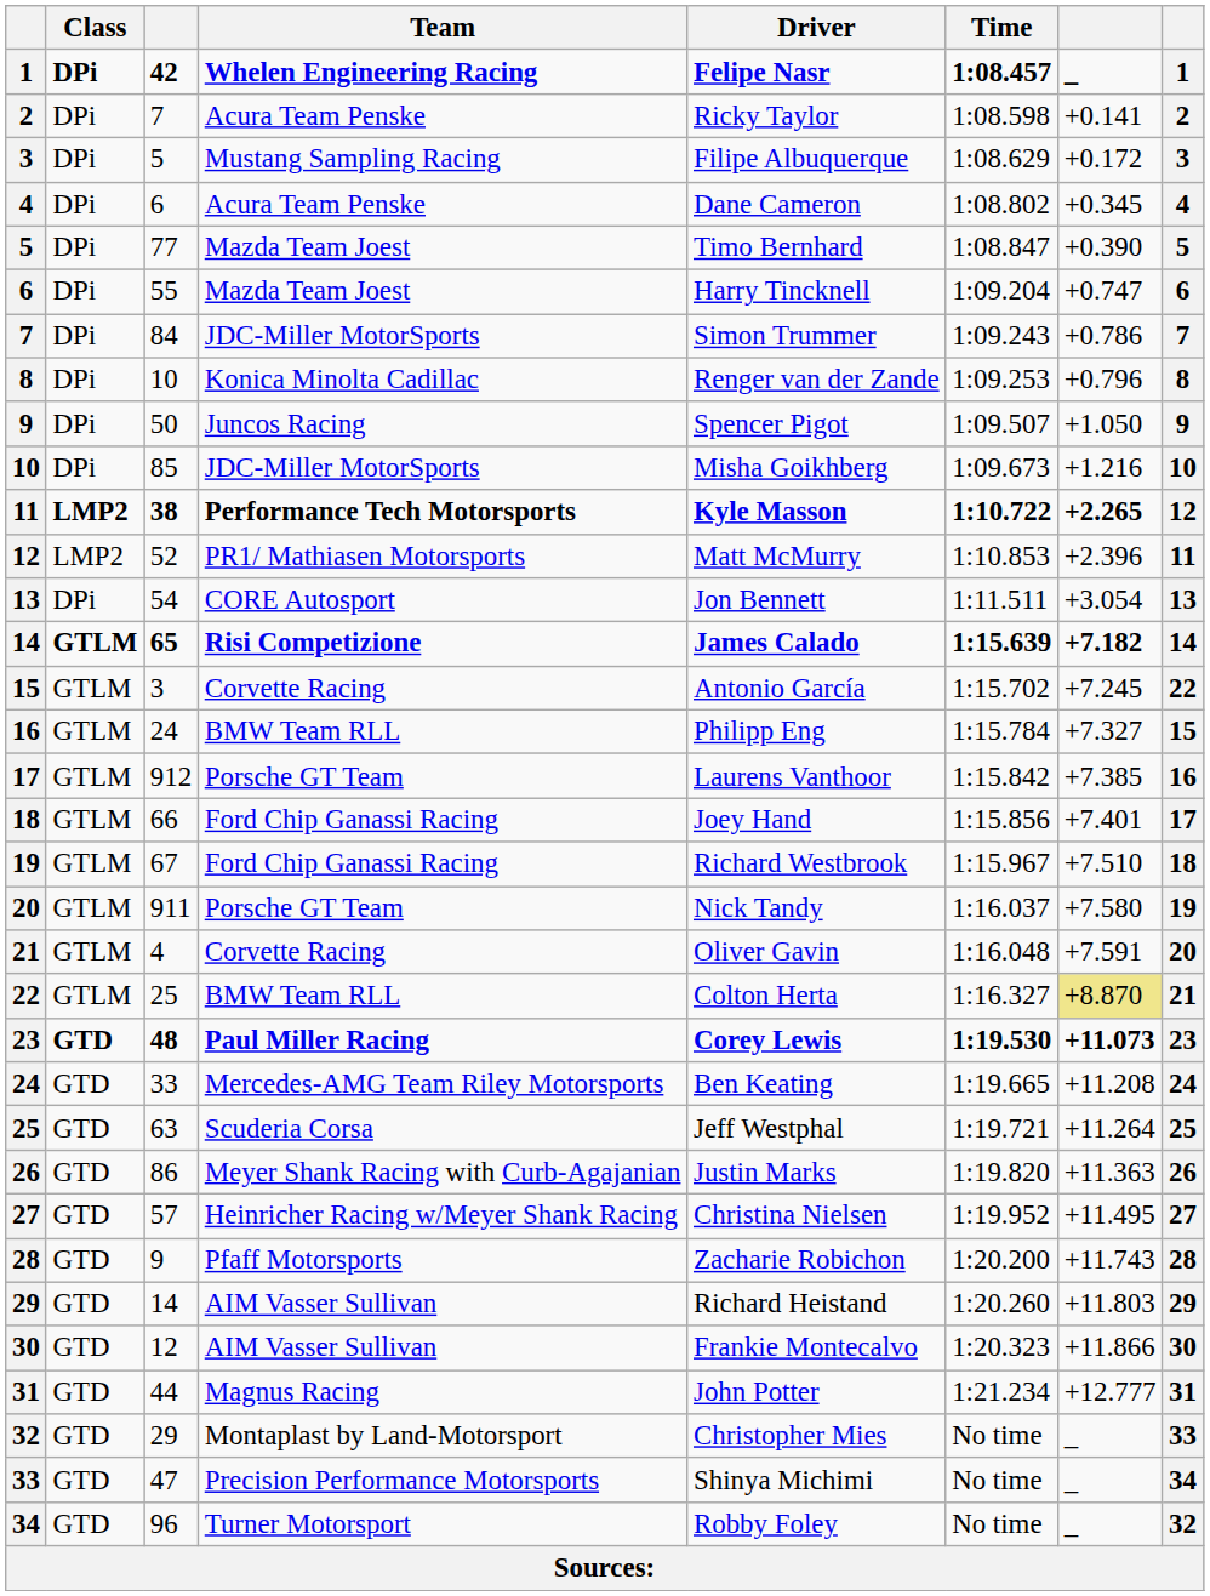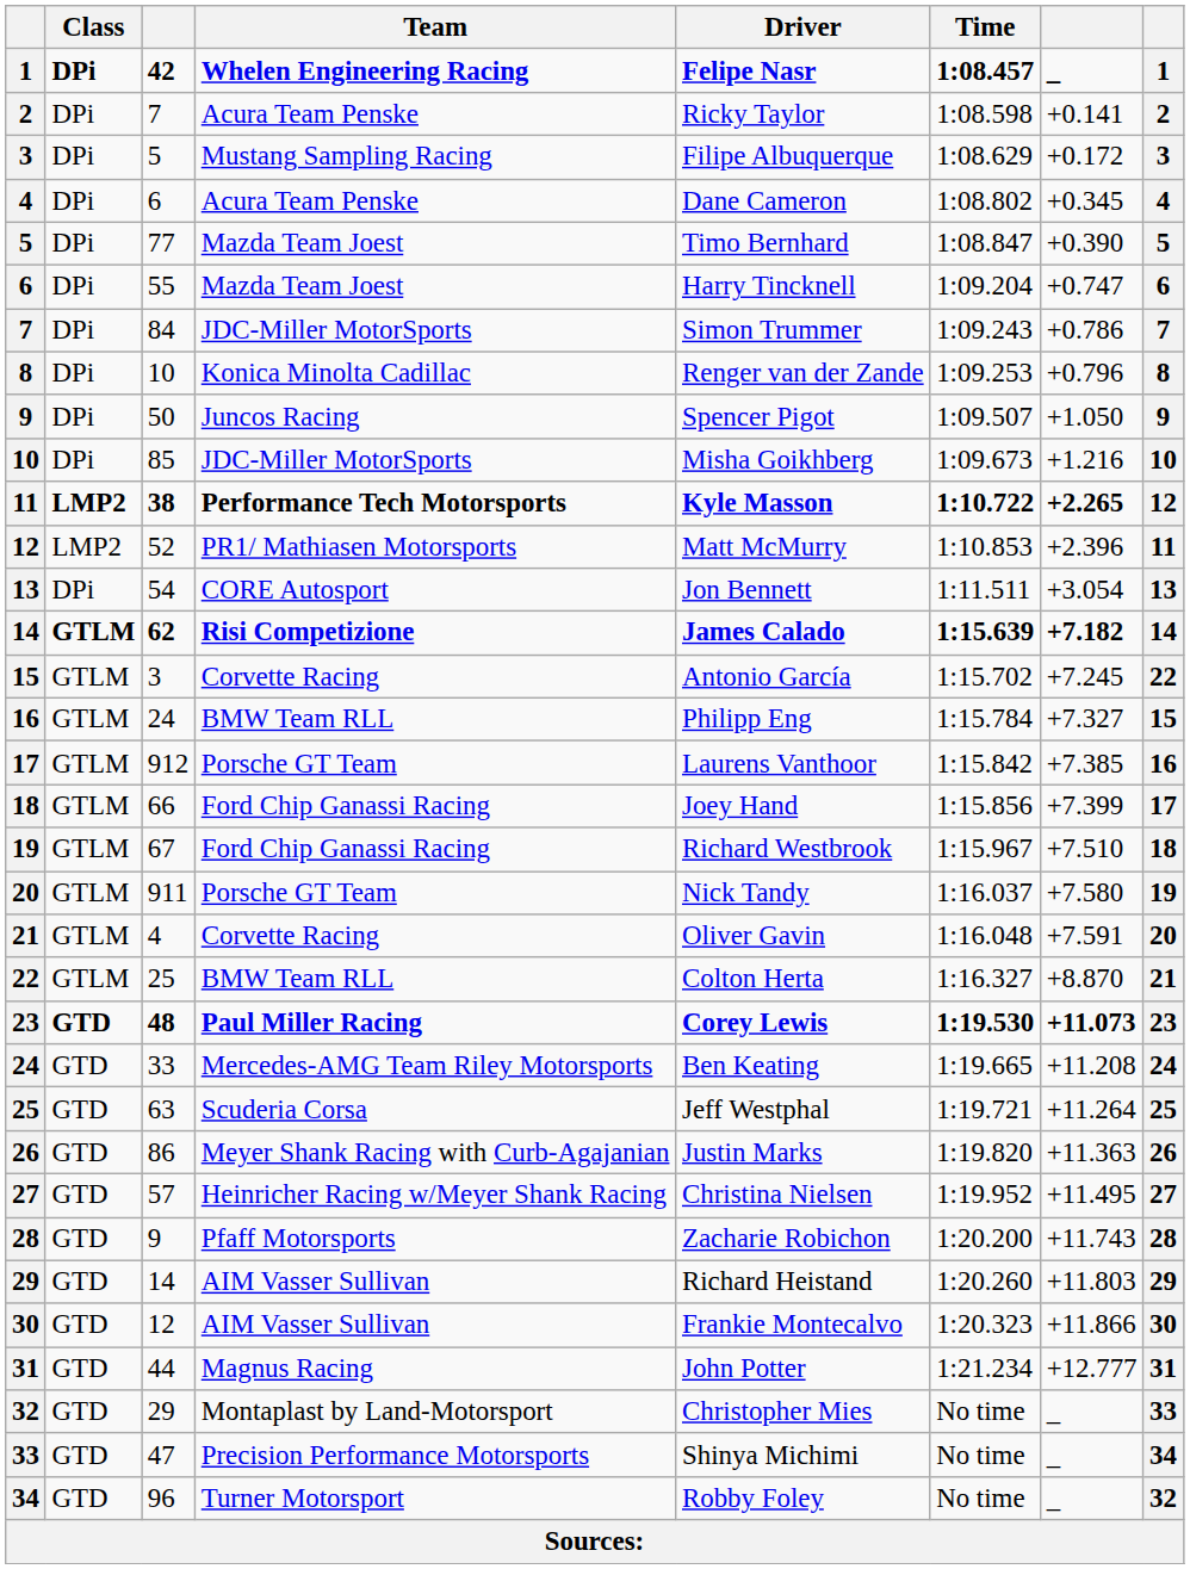 <table class="wikitable">
 <tr>
 <th scope="col"></th>
 <th scope="col">Class</th>
 <th scope="col"></th>
 <th scope="col">Team</th>
 <th scope="col">Driver</th>
 <th scope="col">Time</th>
 <th scope="col"></th>
 <th scope="col"></th>
 </tr>
 <tr style="font-weight:bold">
 <th scope="row">1</th>
 <td>DPi</td>
 <td>42</td>
 <td> <a href='#'>Whelen Engineering Racing</a></td>
 <td> <a href='#'>Felipe Nasr</a></td>
 <td>1:08.457</td>
 <td><strong>_</strong></td>
 <th><strong>1</strong></th>
 </tr>
 <tr>
 <th scope="row">2</th>
 <td>DPi</td>
 <td>7</td>
 <td> <a href='#'>Acura Team Penske</a></td>
 <td> <a href='#'>Ricky Taylor</a></td>
 <td>1:08.598</td>
 <td>+0.141</td>
 <th>2</th>
 </tr>
 <tr>
 <th scope="row">3</th>
 <td>DPi</td>
 <td>5</td>
 <td> <a href='#'>Mustang Sampling Racing</a></td>
 <td> <a href='#'>Filipe Albuquerque</a></td>
 <td>1:08.629</td>
 <td>+0.172</td>
 <th>3</th>
 </tr>
 <tr>
 <th scope="row">4</th>
 <td>DPi</td>
 <td>6</td>
 <td> <a href='#'>Acura Team Penske</a></td>
 <td> <a href='#'>Dane Cameron</a></td>
 <td>1:08.802</td>
 <td>+0.345</td>
 <th>4</th>
 </tr>
 <tr>
 <th scope="row">5</th>
 <td>DPi</td>
 <td>77</td>
 <td> <a href='#'>Mazda Team Joest</a></td>
 <td> <a href='#'>Timo Bernhard</a></td>
 <td>1:08.847</td>
 <td>+0.390</td>
 <th>5</th>
 </tr>
 <tr>
 <th scope="row">6</th>
 <td>DPi</td>
 <td>55</td>
 <td> <a href='#'>Mazda Team Joest</a></td>
 <td> <a href='#'>Harry Tincknell</a></td>
 <td>1:09.204</td>
 <td>+0.747</td>
 <th>6</th>
 </tr>
 <tr>
 <th scope="row">7</th>
 <td>DPi</td>
 <td>84</td>
 <td> <a href='#'>JDC-Miller MotorSports</a></td>
 <td> <a href='#'>Simon Trummer</a></td>
 <td>1:09.243</td>
 <td>+0.786</td>
 <th>7</th>
 </tr>
 <tr>
 <th scope="row">8</th>
 <td>DPi</td>
 <td>10</td>
 <td> <a href='#'>Konica Minolta Cadillac</a></td>
 <td> <a href='#'>Renger van der Zande</a></td>
 <td>1:09.253</td>
 <td>+0.796</td>
 <th>8</th>
 </tr>
 <tr>
 <th scope="row">9</th>
 <td>DPi</td>
 <td>50</td>
 <td> <a href='#'>Juncos Racing</a></td>
 <td> <a href='#'>Spencer Pigot</a></td>
 <td>1:09.507</td>
 <td>+1.050</td>
 <th>9</th>
 </tr>
 <tr>
 <th scope="row">10</th>
 <td>DPi</td>
 <td>85</td>
 <td> <a href='#'>JDC-Miller MotorSports</a></td>
 <td> <a href='#'>Misha Goikhberg</a></td>
 <td>1:09.673</td>
 <td>+1.216</td>
 <th>10</th>
 </tr>
 <tr style="font-weight:bold">
 <th scope="row">11</th>
 <td>LMP2</td>
 <td>38</td>
 <td> Performance Tech Motorsports</td>
 <td> <a href='#'>Kyle Masson</a></td>
 <td>1:10.722</td>
 <td>+2.265</td>
 <th><strong>12</strong></th>
 </tr>
 <tr>
 <th scope="row">12</th>
 <td>LMP2</td>
 <td>52</td>
 <td> <a href='#'>PR1/ Mathiasen Motorsports</a></td>
 <td> <a href='#'>Matt McMurry</a></td>
 <td>1:10.853</td>
 <td>+2.396</td>
 <th>11</th>
 </tr>
 <tr>
 <th scope="row">13</th>
 <td>DPi</td>
 <td>54</td>
 <td> <a href='#'>CORE Autosport</a></td>
 <td> <a href='#'>Jon Bennett</a></td>
 <td>1:11.511</td>
 <td>+3.054</td>
 <th>13</th>
 </tr>
 <tr style="font-weight:bold">
 <th scope="row">14</th>
 <td>GTLM</td>
-<td>65</td>
+<td>62</td>
 <td> <a href='#'>Risi Competizione</a></td>
 <td> <a href='#'>James Calado</a></td>
 <td>1:15.639</td>
 <td>+7.182</td>
 <th>14</th>
 </tr>
 <tr>
 <th scope="row">15</th>
 <td>GTLM</td>
 <td>3</td>
 <td> <a href='#'>Corvette Racing</a></td>
 <td> <a href='#'>Antonio García</a></td>
 <td>1:15.702</td>
 <td>+7.245</td>
 <th>22</th>
 </tr>
 <tr>
 <th scope="row">16</th>
 <td>GTLM</td>
 <td>24</td>
 <td> <a href='#'>BMW Team RLL</a></td>
 <td> <a href='#'>Philipp Eng</a></td>
 <td>1:15.784</td>
 <td>+7.327</td>
 <th>15</th>
 </tr>
 <tr>
 <th scope="row">17</th>
 <td>GTLM</td>
 <td>912</td>
 <td> <a href='#'>Porsche GT Team</a></td>
 <td> <a href='#'>Laurens Vanthoor</a></td>
 <td>1:15.842</td>
 <td>+7.385</td>
 <th>16</th>
 </tr>
 <tr>
 <th scope="row">18</th>
 <td>GTLM</td>
 <td>66</td>
 <td> <a href='#'>Ford Chip Ganassi Racing</a></td>
 <td> <a href='#'>Joey Hand</a></td>
 <td>1:15.856</td>
-<td>+7.401</td>
+<td>+7.399</td>
 <th>17</th>
 </tr>
 <tr>
 <th scope="row">19</th>
 <td>GTLM</td>
 <td>67</td>
 <td> <a href='#'>Ford Chip Ganassi Racing</a></td>
 <td> <a href='#'>Richard Westbrook</a></td>
 <td>1:15.967</td>
 <td>+7.510</td>
 <th>18</th>
 </tr>
 <tr>
 <th scope="row">20</th>
 <td>GTLM</td>
 <td>911</td>
 <td> <a href='#'>Porsche GT Team</a></td>
 <td> <a href='#'>Nick Tandy</a></td>
 <td>1:16.037</td>
 <td>+7.580</td>
 <th>19</th>
 </tr>
 <tr>
 <th scope="row">21</th>
 <td>GTLM</td>
 <td>4</td>
 <td> <a href='#'>Corvette Racing</a></td>
 <td> <a href='#'>Oliver Gavin</a></td>
 <td>1:16.048</td>
 <td>+7.591</td>
 <th>20</th>
 </tr>
 <tr>
 <th scope="row">22</th>
 <td>GTLM</td>
 <td>25</td>
 <td> <a href='#'>BMW Team RLL</a></td>
 <td> <a href='#'>Colton Herta</a></td>
 <td>1:16.327</td>
-<td style="background: khaki;">+8.870</td>
+<td>+8.870</td>
 <th>21</th>
 </tr>
 <tr style="font-weight:bold">
 <th scope="row">23</th>
 <td>GTD</td>
 <td>48</td>
 <td> <a href='#'>Paul Miller Racing</a></td>
 <td> <a href='#'>Corey Lewis</a></td>
 <td>1:19.530</td>
 <td>+11.073</td>
 <th>23</th>
 </tr>
 <tr>
 <th scope="row">24</th>
 <td>GTD</td>
 <td>33</td>
 <td> <a href='#'>Mercedes-AMG Team Riley Motorsports</a></td>
 <td> <a href='#'>Ben Keating</a></td>
 <td>1:19.665</td>
 <td>+11.208</td>
 <th>24</th>
 </tr>
 <tr>
 <th scope="row">25</th>
 <td>GTD</td>
 <td>63</td>
 <td> <a href='#'>Scuderia Corsa</a></td>
 <td> Jeff Westphal</td>
 <td>1:19.721</td>
 <td>+11.264</td>
 <th>25</th>
 </tr>
 <tr>
 <th scope="row">26</th>
 <td>GTD</td>
 <td>86</td>
 <td> <a href='#'>Meyer Shank Racing</a> with <a href='#'>Curb-Agajanian</a></td>
 <td> <a href='#'>Justin Marks</a></td>
 <td>1:19.820</td>
 <td>+11.363</td>
 <th>26</th>
 </tr>
 <tr>
 <th scope="row">27</th>
 <td>GTD</td>
 <td>57</td>
 <td> <a href='#'>Heinricher Racing w/Meyer Shank Racing</a></td>
 <td> <a href='#'>Christina Nielsen</a></td>
 <td>1:19.952</td>
 <td>+11.495</td>
 <th>27</th>
 </tr>
 <tr>
 <th scope="row">28</th>
 <td>GTD</td>
 <td>9</td>
 <td> <a href='#'>Pfaff Motorsports</a></td>
 <td> <a href='#'>Zacharie Robichon</a></td>
 <td>1:20.200</td>
 <td>+11.743</td>
 <th>28</th>
 </tr>
 <tr>
 <th scope="row">29</th>
 <td>GTD</td>
 <td>14</td>
 <td> <a href='#'>AIM Vasser Sullivan</a></td>
 <td> Richard Heistand</td>
 <td>1:20.260</td>
 <td>+11.803</td>
 <th>29</th>
 </tr>
 <tr>
 <th scope="row">30</th>
 <td>GTD</td>
 <td>12</td>
 <td> <a href='#'>AIM Vasser Sullivan</a></td>
 <td> <a href='#'>Frankie Montecalvo</a></td>
 <td>1:20.323</td>
 <td>+11.866</td>
 <th>30</th>
 </tr>
 <tr>
 <th scope="row">31</th>
 <td>GTD</td>
 <td>44</td>
 <td> <a href='#'>Magnus Racing</a></td>
 <td> <a href='#'>John Potter</a></td>
 <td>1:21.234</td>
 <td>+12.777</td>
 <th>31</th>
 </tr>
 <tr>
 <th scope="row">32</th>
 <td>GTD</td>
 <td>29</td>
 <td> Montaplast by Land-Motorsport</td>
 <td> <a href='#'>Christopher Mies</a></td>
 <td>No time</td>
 <td>_</td>
 <th>33</th>
 </tr>
 <tr>
 <th scope="row">33</th>
 <td>GTD</td>
 <td>47</td>
 <td> <a href='#'>Precision Performance Motorsports</a></td>
 <td> Shinya Michimi</td>
 <td>No time</td>
 <td>_</td>
 <th>34</th>
 </tr>
 <tr>
 <th scope="row">34</th>
 <td>GTD</td>
 <td>96</td>
 <td> <a href='#'>Turner Motorsport</a></td>
 <td> <a href='#'>Robby Foley</a></td>
 <td>No time</td>
 <td>_</td>
 <th>32</th>
 </tr>
 <tr>
 <th colspan="8">Sources:</th>
 </tr>
 <tr>
 </tr>
 </table>
